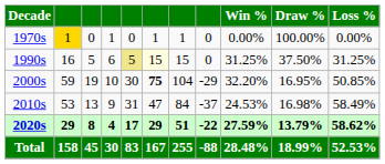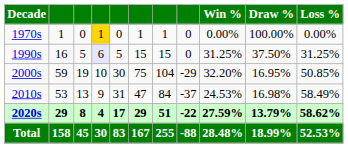 <table class="wikitable sortable" style="text-align:center">
 <tr>
 <th style="background-color:#008000; color:white; ">Decade</th>
 <th style="background-color:#008000; color:white; "></th>
 <th style="background-color:#008000; color:white; "></th>
 <th style="background-color:#008000; color:white; "></th>
 <th style="background-color:#008000; color:white; "></th>
 <th style="background-color:#008000; color:white; "></th>
 <th style="background-color:#008000; color:white; "></th>
 <th style="background-color:#008000; color:white; "></th>
 <th style="background-color:#008000; color:white; ">Win %</th>
 <th style="background-color:#008000; color:white; ">Draw %</th>
 <th style="background-color:#008000; color:white; ">Loss %</th>
 </tr>
 <tr>
 <td><a href='#'>1970s</a></td>
+<td>1</td>
+<td>0</td>
 <td style="background: gold;">1</td>
-<td>0</td>
-<td>1</td>
 <td>0</td>
 <td>1</td>
 <td>1</td>
 <td>0</td>
 <td>0.00%</td>
 <td>100.00%</td>
 <td>0.00%</td>
 </tr>
 <tr>
 <td><a href='#'>1990s</a></td>
 <td>16</td>
 <td>5</td>
-<td>6</td>
-<td style="background: khaki;">5</td>
-<td style="background: lightyellow;">15</td>
+<td style="background: lavender;">6</td>
+<td>5</td>
+<td>15</td>
 <td>15</td>
 <td>0</td>
 <td>31.25%</td>
 <td>37.50%</td>
 <td>31.25%</td>
 </tr>
 <tr>
 <td><a href='#'>2000s</a></td>
 <td>59</td>
 <td>19</td>
 <td>10</td>
 <td>30</td>
-<td><strong>75</strong></td>
+<td>75</td>
 <td>104</td>
 <td>-29</td>
 <td>32.20%</td>
 <td>16.95%</td>
 <td>50.85%</td>
 </tr>
 <tr>
 <td><a href='#'>2010s</a></td>
 <td>53</td>
 <td>13</td>
 <td>9</td>
 <td>31</td>
 <td>47</td>
 <td>84</td>
 <td>-37</td>
 <td>24.53%</td>
 <td>16.98%</td>
 <td>58.49%</td>
 </tr>
 <tr bgcolor=#CFC>
 <td><strong><a href='#'>2020s</a></strong></td>
 <td><strong>29</strong></td>
 <td><strong>8</strong></td>
 <td><strong>4</strong></td>
 <td><strong>17</strong></td>
 <td><strong>29</strong></td>
 <td><strong>51</strong></td>
 <td><strong>-22</strong></td>
 <td><strong>27.59%</strong></td>
 <td><strong>13.79%</strong></td>
 <td><strong>58.62%</strong></td>
 </tr>
 <tr class="sortbottom">
 <th style="background-color:#008000; color:white; "><strong>Total</strong></th>
 <th style="background-color:#008000; color:white; "><strong>158</strong></th>
 <th style="background-color:#008000; color:white; "><strong>45</strong></th>
 <th style="background-color:#008000; color:white; "><strong>30</strong></th>
 <th style="background-color:#008000; color:white; "><strong>83</strong></th>
 <th style="background-color:#008000; color:white; "><strong>167</strong></th>
 <th style="background-color:#008000; color:white; "><strong>255</strong></th>
 <th style="background-color:#008000; color:white; "><strong>-88</strong></th>
 <th style="background-color:#008000; color:white; "><strong>28.48%</strong></th>
 <th style="background-color:#008000; color:white; "><strong>18.99%</strong></th>
 <th style="background-color:#008000; color:white; "><strong>52.53%</strong></th>
 </tr>
 <tr>
 </tr>
 </table>
